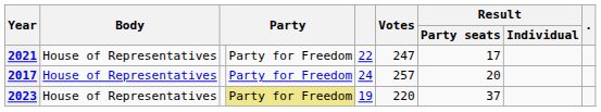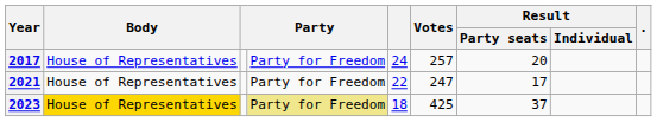 <table class="wikitable plainrowheaders sortable" border=2 cellpadding=4 cellspacing=0 style="border: 1px #aaa solid; font-size: 90%; text-align:center;">
 <tr>
 <th scope="col" rowspan=2>Year</th>
 <th scope="col" rowspan=2>Body</th>
 <th scope="col" colspan=2 rowspan=2>Party</th>
 <th scope="col" rowspan=2></th>
 <th scope="col" rowspan=2>Votes</th>
 <th scope="colgroup" colspan=2>Result</th>
 <th scope="col" rowspan=2 class="unsortable">.</th>
 </tr>
 <tr>
 <th scope="col">Party seats</th>
 <th scope="col">Individual</th>
 </tr>
 <tr>
+<th scope="row"><a href='#'>2017</a></th>
+<td><a href='#'>House of Representatives</a></td>
+<td style="background-color:"></td>
+<td><a href='#'>Party for Freedom</a></td>
+<td style=text-align:right><a href='#'>24</a></td>
+<td style=text-align:right>257</td>
+<td style=text-align:right>20</td>
+<td></td>
+<td></td>
+</tr>
+<tr>
 <th scope="row"><a href='#'>2021</a></th>
 <td>House of Representatives</td>
 <td style="background-color:"></td>
 <td>Party for Freedom</td>
 <td style=text-align:right><a href='#'>22</a></td>
 <td style=text-align:right>247</td>
 <td style=text-align:right>17</td>
 <td></td>
 <td></td>
 </tr>
 <tr>
-<th scope="row"><a href='#'>2017</a></th>
-<td><a href='#'>House of Representatives</a></td>
-<td style="background-color:"></td>
-<td><a href='#'>Party for Freedom</a></td>
-<td style=text-align:right><a href='#'>24</a></td>
-<td style=text-align:right>257</td>
-<td style=text-align:right>20</td>
-<td></td>
-<td></td>
-</tr>
-<tr>
 <th scope="row"><a href='#'>2023</a></th>
-<td>House of Representatives</td>
+<td style="background: gold;">House of Representatives</td>
 <td style="background-color:"></td>
 <td style="background: khaki;">Party for Freedom</td>
-<td style=text-align:right><a href='#'>19</a></td>
-<td style=text-align:right>220</td>
+<td style=text-align:right><a href='#'>18</a></td>
+<td style=text-align:right>425</td>
 <td style=text-align:right>37</td>
 <td></td>
 <td></td>
 </tr>
 </table>
